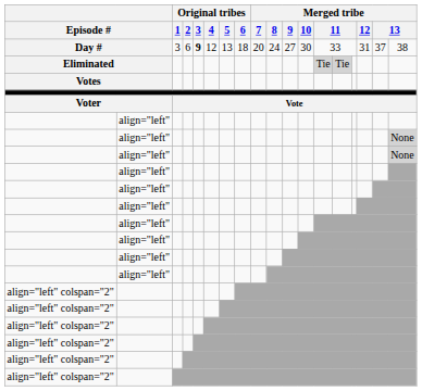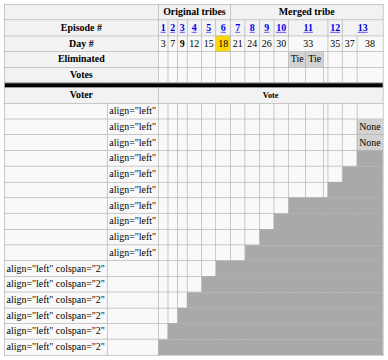 <table class="wikitable" style="text-align:center;">
 <tr>
 <th colspan=2></th>
 <th colspan=6>Original tribes</th>
 <th colspan=12>Merged tribe</th>
 </tr>
 <tr>
 <th colspan=2>Episode #</th>
 <th><a href='#'>1</a></th>
 <th><a href='#'>2</a></th>
 <th><a href='#'>3</a></th>
 <th><a href='#'>4</a></th>
 <th><a href='#'>5</a></th>
 <th><a href='#'>6</a></th>
 <th><a href='#'>7</a></th>
 <th><a href='#'>8</a></th>
 <th><a href='#'>9</a></th>
 <th><a href='#'>10</a></th>
 <th colspan=3><a href='#'>11</a></th>
 <th><a href='#'>12</a></th>
 <th colspan=2><a href='#'>13</a></th>
 </tr>
 <tr>
 <th colspan=2>Day #</th>
 <td>3</td>
-<td>6</td>
+<td>7</td>
 <td><strong>9</strong></td>
 <td>12</td>
-<td>13</td>
-<td>18</td>
-<td>20</td>
+<td>15</td>
+<td style="background: gold;">18</td>
+<td>21</td>
 <td>24</td>
-<td>27</td>
+<td>26</td>
 <td>30</td>
 <td colspan=3>33</td>
-<td>31</td>
+<td>35</td>
 <td>37</td>
 <td>38</td>
 </tr>
 <tr>
 <th colspan=2>Eliminated</th>
 <td></td>
 <td></td>
 <td></td>
 <td></td>
 <td></td>
 <td></td>
 <td></td>
 <td></td>
 <td></td>
 <td></td>
 <td style="background:lightgrey;">Tie</td>
 <td style="background:lightgrey;">Tie</td>
 <td></td>
 <td></td>
 <td></td>
 <td></td>
 </tr>
 <tr>
 <th colspan=2>Votes</th>
 <td></td>
 <td></td>
 <td></td>
 <td></td>
 <td></td>
 <td></td>
 <td></td>
 <td></td>
 <td></td>
 <td></td>
 <td></td>
 <td></td>
 <td></td>
 <td></td>
 <td></td>
 <td></td>
 </tr>
 <tr>
 <td style="background:black;" colspan="22"></td>
 </tr>
 <tr>
 <th colspan=2>Voter</th>
 <th colspan=19><small>Vote</small></th>
 </tr>
 <tr>
 <td></td>
 <td>align="left" </td>
 <td></td>
 <td></td>
 <td></td>
 <td></td>
 <td></td>
 <td></td>
 <td></td>
 <td></td>
 <td></td>
 <td></td>
 <td></td>
 <td></td>
 <td></td>
 <td></td>
 <td></td>
 <td></td>
 </tr>
 <tr>
 <td></td>
 <td>align="left" </td>
 <td></td>
 <td></td>
 <td></td>
 <td></td>
 <td></td>
 <td></td>
 <td></td>
 <td></td>
 <td></td>
 <td></td>
 <td></td>
 <td></td>
 <td></td>
 <td></td>
 <td></td>
 <td style="background:lightgrey;">None</td>
 </tr>
 <tr>
 <td></td>
 <td>align="left" </td>
 <td></td>
 <td></td>
 <td></td>
 <td></td>
 <td></td>
 <td></td>
 <td></td>
 <td></td>
 <td></td>
 <td></td>
 <td></td>
 <td></td>
 <td></td>
 <td></td>
 <td></td>
 <td style="background:lightgrey;">None</td>
 </tr>
 <tr>
 <td></td>
 <td>align="left" </td>
 <td></td>
 <td></td>
 <td></td>
 <td></td>
 <td></td>
 <td></td>
 <td></td>
 <td></td>
 <td></td>
 <td></td>
 <td></td>
 <td></td>
 <td></td>
 <td></td>
 <td></td>
 <td style="background:darkgrey;" colspan="20"></td>
 </tr>
 <tr>
 <td></td>
 <td>align="left" </td>
 <td></td>
 <td></td>
 <td></td>
 <td></td>
 <td></td>
 <td></td>
 <td></td>
 <td></td>
 <td></td>
 <td></td>
 <td></td>
 <td></td>
 <td></td>
 <td></td>
 <td style="background:darkgrey;" colspan="20"></td>
 </tr>
 <tr>
 <td></td>
 <td>align="left" </td>
 <td></td>
 <td></td>
 <td></td>
 <td></td>
 <td></td>
 <td></td>
 <td></td>
 <td></td>
 <td></td>
 <td></td>
 <td></td>
 <td></td>
 <td></td>
 <td style="background:darkgrey;" colspan="20"></td>
 </tr>
 <tr>
 <td></td>
 <td>align="left" </td>
 <td></td>
 <td></td>
 <td></td>
 <td></td>
 <td></td>
 <td></td>
 <td></td>
 <td></td>
 <td></td>
 <td></td>
 <td style="background:darkgrey;" colspan="20"></td>
 </tr>
 <tr>
 <td></td>
 <td>align="left" </td>
 <td></td>
 <td></td>
 <td></td>
 <td></td>
 <td></td>
 <td></td>
 <td></td>
 <td></td>
 <td></td>
 <td style="background:darkgrey;" colspan="20"></td>
 </tr>
 <tr>
 <td></td>
 <td>align="left" </td>
 <td></td>
 <td></td>
 <td></td>
 <td></td>
 <td></td>
 <td></td>
 <td></td>
 <td></td>
 <td style="background:darkgrey;" colspan="20"></td>
 </tr>
 <tr>
 <td></td>
 <td>align="left" </td>
 <td></td>
 <td></td>
 <td></td>
 <td></td>
 <td></td>
 <td></td>
 <td></td>
 <td style="background:darkgrey;" colspan="20"></td>
 </tr>
 <tr>
 <td>align="left" colspan="2" </td>
 <td></td>
 <td></td>
 <td></td>
 <td></td>
 <td></td>
 <td></td>
 <td style="background:darkgrey;" colspan="20"></td>
 </tr>
 <tr>
 <td>align="left" colspan="2" </td>
 <td></td>
 <td></td>
 <td></td>
 <td></td>
 <td></td>
 <td style="background:darkgrey;" colspan="20"></td>
 </tr>
 <tr>
 <td>align="left" colspan="2" </td>
 <td></td>
 <td></td>
 <td></td>
 <td></td>
 <td style="background:darkgrey;" colspan="22"></td>
 </tr>
 <tr>
 <td>align="left" colspan="2" </td>
 <td></td>
 <td></td>
 <td></td>
 <td style="background:darkgrey;" colspan="20"></td>
 </tr>
 <tr>
 <td>align="left" colspan="2" </td>
 <td></td>
 <td></td>
 <td style="background:darkgrey;" colspan="20"></td>
 </tr>
 <tr>
 <td>align="left" colspan="2" </td>
 <td></td>
 <td style="background:darkgrey;" colspan="20"></td>
 </tr>
 </table>
